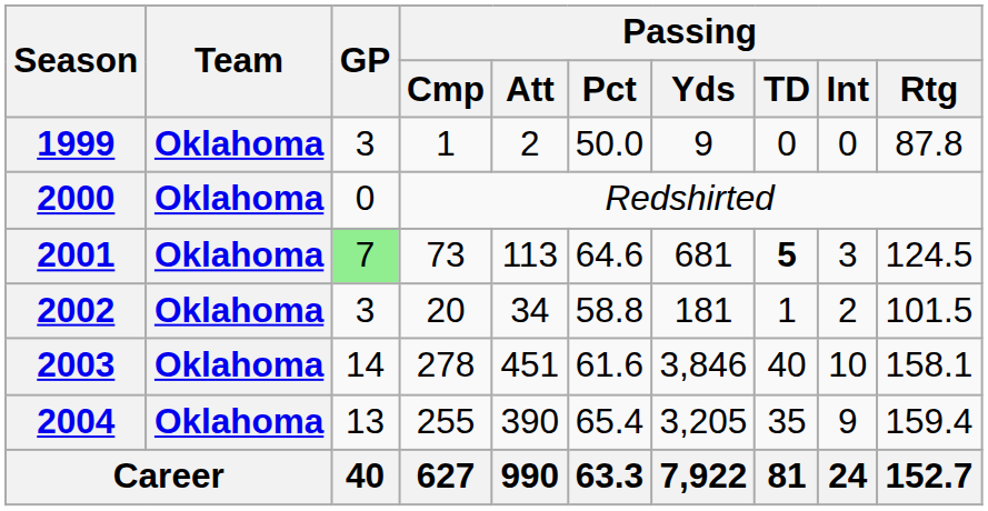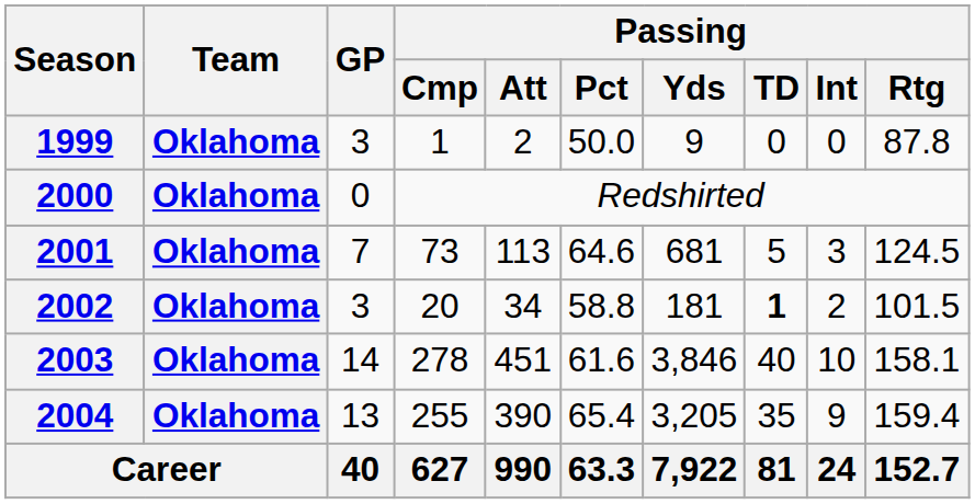 <table class="wikitable" style="text-align:center;">
 <tr>
 <th rowspan="2">Season</th>
 <th rowspan="2">Team</th>
 <th rowspan="2">GP</th>
 <th colspan="7">Passing</th>
 </tr>
 <tr>
 <th>Cmp</th>
 <th>Att</th>
 <th>Pct</th>
 <th>Yds</th>
 <th>TD</th>
 <th>Int</th>
 <th>Rtg</th>
 </tr>
 <tr>
 <th><a href='#'>1999</a></th>
 <th><a href='#'>Oklahoma</a></th>
 <td>3</td>
 <td>1</td>
 <td>2</td>
 <td>50.0</td>
 <td>9</td>
 <td>0</td>
 <td>0</td>
 <td>87.8</td>
 </tr>
 <tr>
 <th><a href='#'>2000</a></th>
 <th><a href='#'>Oklahoma</a></th>
 <td>0</td>
 <td colspan="7"><em>Redshirted</em></td>
 </tr>
 <tr>
 <th><a href='#'>2001</a></th>
 <th><a href='#'>Oklahoma</a></th>
-<td style="background: lightgreen;">7</td>
+<td>7</td>
 <td>73</td>
 <td>113</td>
 <td>64.6</td>
 <td>681</td>
-<td><strong>5</strong></td>
+<td>5</td>
 <td>3</td>
 <td>124.5</td>
 </tr>
 <tr>
 <th><a href='#'>2002</a></th>
 <th><a href='#'>Oklahoma</a></th>
 <td>3</td>
 <td>20</td>
 <td>34</td>
 <td>58.8</td>
 <td>181</td>
-<td>1</td>
+<td><strong>1</strong></td>
 <td>2</td>
 <td>101.5</td>
 </tr>
 <tr>
 <th><a href='#'>2003</a></th>
 <th><a href='#'>Oklahoma</a></th>
 <td>14</td>
 <td>278</td>
 <td>451</td>
 <td>61.6</td>
 <td>3,846</td>
 <td>40</td>
 <td>10</td>
 <td>158.1</td>
 </tr>
 <tr>
 <th><a href='#'>2004</a></th>
 <th><a href='#'>Oklahoma</a></th>
 <td>13</td>
 <td>255</td>
 <td>390</td>
 <td>65.4</td>
 <td>3,205</td>
 <td>35</td>
 <td>9</td>
 <td>159.4</td>
 </tr>
 <tr>
 <th colspan="2">Career</th>
 <th>40</th>
 <th>627</th>
 <th>990</th>
 <th>63.3</th>
 <th>7,922</th>
 <th>81</th>
 <th>24</th>
 <th>152.7</th>
 </tr>
 </table>
